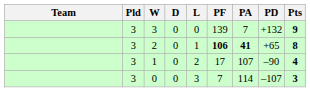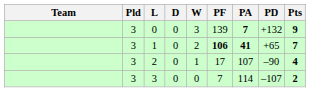 <table class="wikitable" style="text-align:center;">
 <tr>
 <th width=175>Team</th>
 <th width=25 abbr="Played">Pld</th>
+<th width=25 abbr="Lost">L</th>
+<th width=25 abbr="Drawn">D</th>
 <th width=25 abbr="Won">W</th>
-<th width=25 abbr="Drawn">D</th>
-<th width=25 abbr="Lost">L</th>
 <th width=32 abbr="Points for">PF</th>
 <th width=32 abbr="Points against">PA</th>
 <th width=32 abbr="Points difference">PD</th>
 <th width=25 abbr="Points">Pts</th>
 </tr>
 <tr bgcolor=ccffcc>
 <td align=left></td>
 <td>3</td>
-<td>3</td>
 <td>0</td>
 <td>0</td>
+<td>3</td>
 <td>139</td>
-<td>7</td>
+<td><strong>7</strong></td>
 <td>+132</td>
 <td><strong>9</strong></td>
+</tr>
+<tr bgcolor=ccffcc>
+<td align=left></td>
+<td>3</td>
+<td>1</td>
+<td>0</td>
+<td>2</td>
+<td><strong>106</strong></td>
+<td><strong>41</strong></td>
+<td>+65</td>
+<td><strong>7</strong></td>
 </tr>
 <tr bgcolor=ccffcc>
 <td align=left></td>
 <td>3</td>
 <td>2</td>
 <td>0</td>
 <td>1</td>
-<td><strong>106</strong></td>
-<td><strong>41</strong></td>
-<td>+65</td>
-<td><strong>8</strong></td>
-</tr>
-<tr bgcolor=ccffcc>
-<td align=left></td>
-<td>3</td>
-<td>1</td>
-<td>0</td>
-<td>2</td>
 <td>17</td>
 <td>107</td>
 <td>–90</td>
 <td><strong>4</strong></td>
 </tr>
 <tr bgcolor=ccffcc>
 <td align=left></td>
 <td>3</td>
+<td>3</td>
 <td>0</td>
 <td>0</td>
-<td>3</td>
 <td>7</td>
 <td>114</td>
 <td>–107</td>
-<td><strong>3</strong></td>
+<td><strong>2</strong></td>
 </tr>
 </table>
